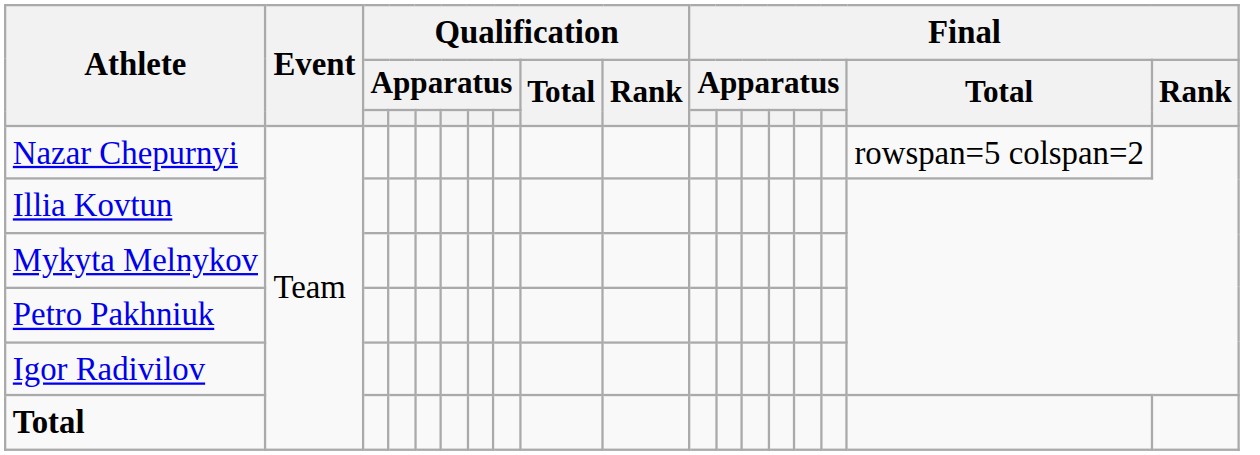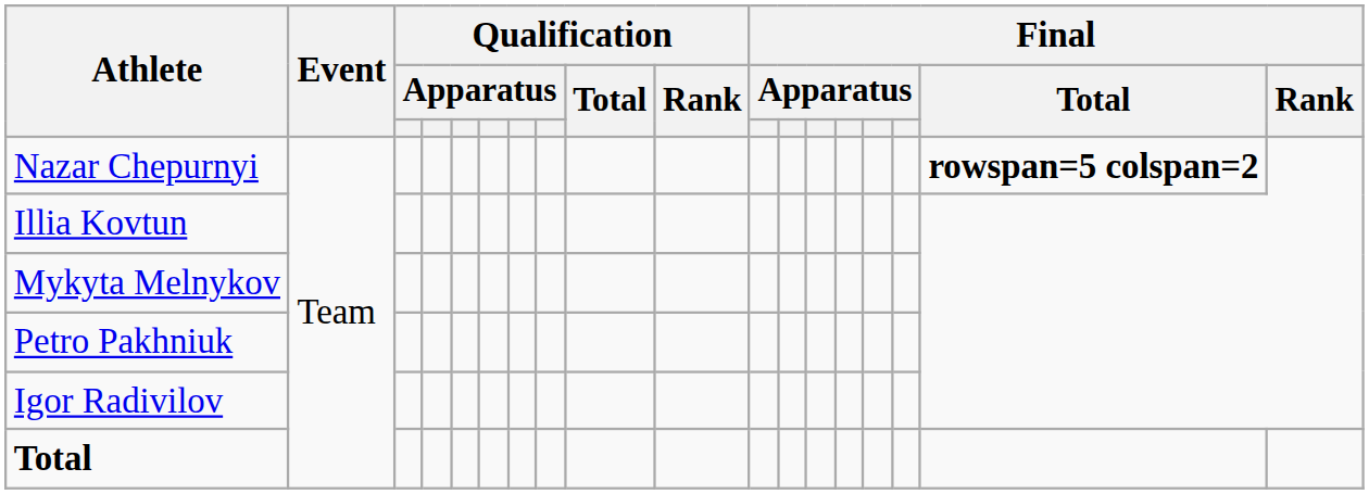 <table class="wikitable" style="font-size:90%">
 <tr>
 <th rowspan=3>Athlete</th>
 <th rowspan=3>Event</th>
 <th colspan =8>Qualification</th>
 <th colspan =8>Final</th>
 </tr>
 <tr style="font-size:95%">
 <th colspan=6>Apparatus</th>
 <th rowspan=2>Total</th>
 <th rowspan=2>Rank</th>
 <th colspan=6>Apparatus</th>
 <th rowspan=2>Total</th>
 <th rowspan=2>Rank</th>
 </tr>
 <tr style="font-size:95%">
 <th></th>
 <th></th>
 <th></th>
 <th></th>
 <th></th>
 <th></th>
 <th></th>
 <th></th>
 <th></th>
 <th></th>
 <th></th>
 <th></th>
 </tr>
 <tr align=center>
 <td align=left><a href='#'>Nazar Chepurnyi</a></td>
 <td align=left rowspan=6>Team</td>
 <td></td>
 <td></td>
 <td></td>
 <td></td>
 <td></td>
 <td></td>
 <td></td>
 <td></td>
 <td></td>
 <td></td>
 <td></td>
 <td></td>
 <td></td>
 <td></td>
-<td>rowspan=5 colspan=2</td>
+<td><strong>rowspan=5 colspan=2</strong></td>
 </tr>
 <tr align=center>
 <td align=left><a href='#'>Illia Kovtun</a></td>
 <td></td>
 <td></td>
 <td></td>
 <td></td>
 <td></td>
 <td></td>
 <td></td>
 <td></td>
 <td></td>
 <td></td>
 <td></td>
 <td></td>
 <td></td>
 <td></td>
 </tr>
 <tr align=center>
 <td align=left><a href='#'>Mykyta Melnykov</a></td>
 <td></td>
 <td></td>
 <td></td>
 <td></td>
 <td></td>
 <td></td>
 <td></td>
 <td></td>
 <td></td>
 <td></td>
 <td></td>
 <td></td>
 <td></td>
 <td></td>
 </tr>
 <tr align=center>
 <td align=left><a href='#'>Petro Pakhniuk</a></td>
 <td></td>
 <td></td>
 <td></td>
 <td></td>
 <td></td>
 <td></td>
 <td></td>
 <td></td>
 <td></td>
 <td></td>
 <td></td>
 <td></td>
 <td></td>
 <td></td>
 </tr>
 <tr align=center>
 <td align=left><a href='#'>Igor Radivilov</a></td>
 <td></td>
 <td></td>
 <td></td>
 <td></td>
 <td></td>
 <td></td>
 <td></td>
 <td></td>
 <td></td>
 <td></td>
 <td></td>
 <td></td>
 <td></td>
 <td></td>
 </tr>
 <tr align=center>
 <td align=left><strong>Total</strong></td>
 <td></td>
 <td></td>
 <td></td>
 <td></td>
 <td></td>
 <td></td>
 <td></td>
 <td></td>
 <td></td>
 <td></td>
 <td></td>
 <td></td>
 <td></td>
 <td></td>
 <td></td>
 <td></td>
 </tr>
 </table>
